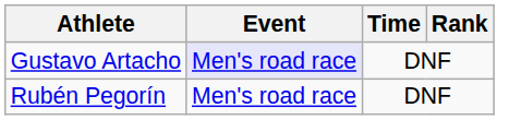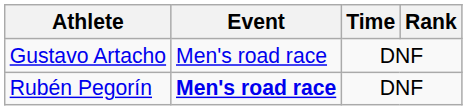 <table class=wikitable style="font-size:90%">
 <tr>
 <th>Athlete</th>
 <th>Event</th>
 <th>Time</th>
 <th>Rank</th>
 </tr>
 <tr>
 <td><a href='#'>Gustavo Artacho</a></td>
-<td style="background: lavender;"><a href='#'>Men's road race</a></td>
+<td><a href='#'>Men's road race</a></td>
 <td align="center" colspan="2">DNF</td>
 </tr>
 <tr>
 <td><a href='#'>Rubén Pegorín</a></td>
-<td><a href='#'>Men's road race</a></td>
+<td><strong><a href='#'>Men's road race</a></strong></td>
 <td align="center" colspan="2">DNF</td>
 </tr>
 </table>
